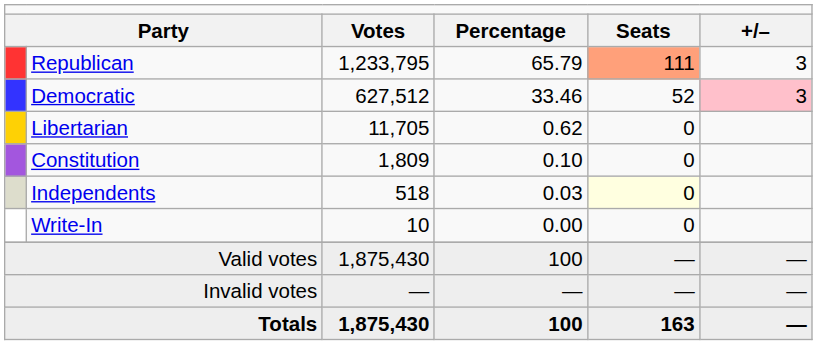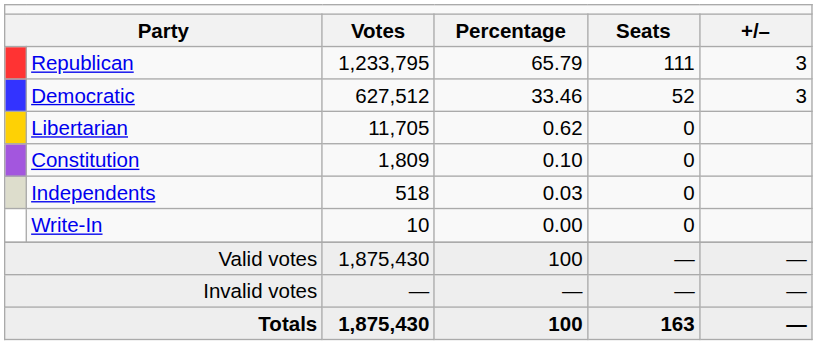 <table class="wikitable" style="font-size:95%;">
 <tr>
 <td colspan="8" align="center"></td>
 </tr>
 <tr>
 <th colspan=2 style="width: 15em">Party</th>
 <th style="width: 5em">Votes</th>
 <th style="width: 7em">Percentage</th>
 <th style="width: 5em">Seats</th>
 <th style="width: 5em">+/–</th>
 </tr>
 <tr>
 <th style="background-color:#F33; width: 3px"></th>
 <td style="width: 130px"><a href='#'>Republican</a></td>
 <td align="right">1,233,795</td>
 <td align="right">65.79</td>
-<td align="right" style="background: lightsalmon;">111</td>
+<td align="right">111</td>
 <td align="right"> 3</td>
 </tr>
 <tr>
 <th style="background-color:#33F; width: 3px"></th>
 <td style="width: 130px"><a href='#'>Democratic</a></td>
 <td align="right">627,512</td>
 <td align="right">33.46</td>
 <td align="right">52</td>
-<td align="right" style="background: pink;"> 3</td>
+<td align="right"> 3</td>
 </tr>
 <tr>
 <th style="background-color:#fed105; width: 3px"></th>
 <td style="width: 130px"><a href='#'>Libertarian</a></td>
 <td align="right">11,705</td>
 <td align="right">0.62</td>
 <td align="right">0</td>
 <td align="right"></td>
 </tr>
 <tr>
 <th style="background-color:#a356de; width: 3px"></th>
 <td style="width: 130px"><a href='#'>Constitution</a></td>
 <td align="right">1,809</td>
 <td align="right">0.10</td>
 <td align="right">0</td>
 <td align="right"></td>
 </tr>
 <tr>
 <th style="background-color:#DDDDCC; width: 3px"></th>
 <td style="width: 130px"><a href='#'>Independents</a></td>
 <td align="right">518</td>
 <td align="right">0.03</td>
-<td align="right" style="background: lightyellow;">0</td>
+<td align="right">0</td>
 <td align="right"></td>
 </tr>
 <tr>
 <th style="background-color:#ffffff; width: 3px"></th>
 <td style="width: 130px"><a href='#'>Write-In</a></td>
 <td align="right">10</td>
 <td align="right">0.00</td>
 <td align="right">0</td>
 <td align="right"></td>
 </tr>
 <tr>
 </tr>
 <tr bgcolor="#EEEEEE">
 <td colspan="2" align="right">Valid votes</td>
 <td align="right">1,875,430</td>
 <td align="right">100</td>
 <td align="right">—</td>
 <td align="right">—</td>
 </tr>
 <tr bgcolor="#EEEEEE">
 <td colspan="2" align="right">Invalid votes</td>
 <td align="right">—</td>
 <td align="right">—</td>
 <td align="right">—</td>
 <td align="right">—</td>
 </tr>
 <tr bgcolor="#EEEEEE">
 <td colspan="2" align="right"><strong>Totals</strong></td>
 <td align="right"><strong>1,875,430</strong></td>
 <td align="right"><strong>100</strong></td>
 <td align="right"><strong>163</strong></td>
 <td align="right"><strong>—</strong></td>
 </tr>
 </table>
